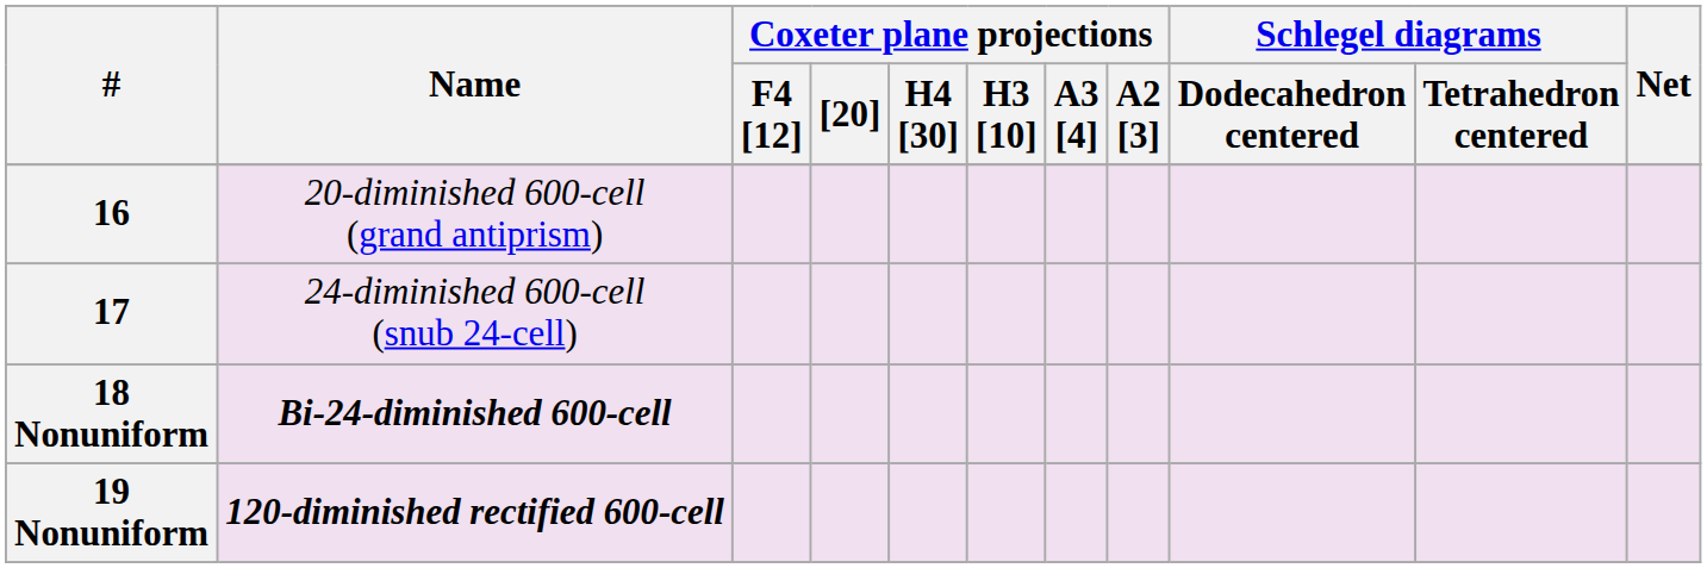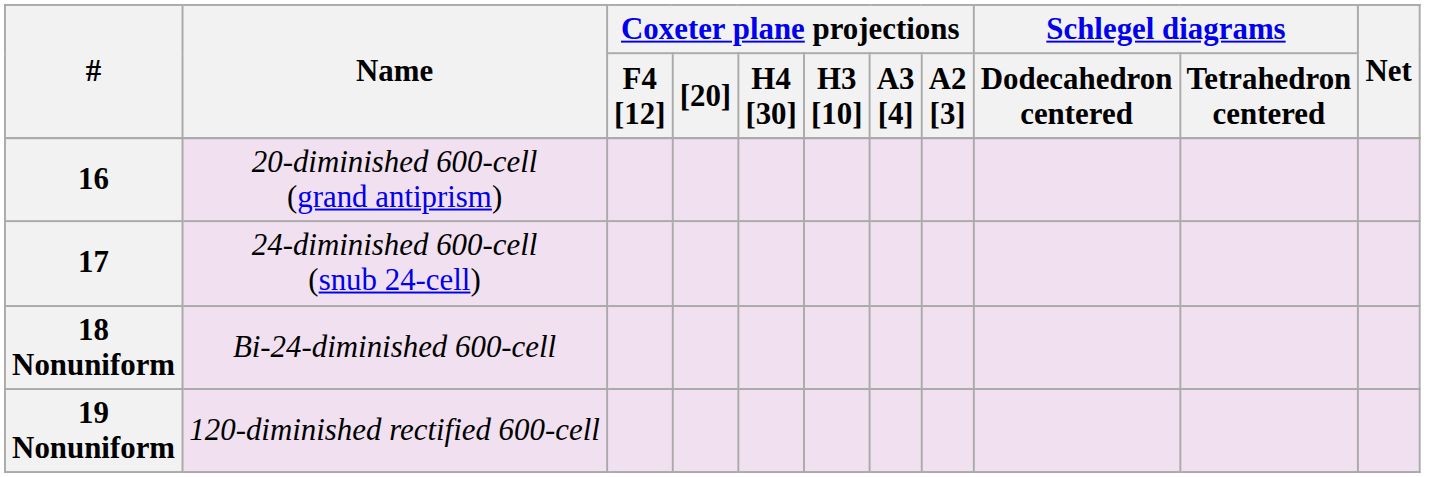 <table class="wikitable">
 <tr>
 <th rowspan=2>#</th>
 <th rowspan=2>Name</th>
 <th colspan=6><a href='#'>Coxeter plane</a> projections</th>
 <th colspan=2><a href='#'>Schlegel diagrams</a></th>
 <th rowspan=2>Net</th>
 </tr>
 <tr>
 <th>F4<br>[12]</th>
 <th>[20]</th>
 <th>H4<br>[30]</th>
 <th>H3<br>[10]</th>
 <th>A3<br>[4]</th>
 <th>A2<br>[3]</th>
 <th>Dodecahedron<br>centered</th>
 <th>Tetrahedron<br>centered</th>
 </tr>
 <tr>
 </tr>
 <tr BGCOLOR="f0e0f0" align=center>
 <th>16</th>
 <td><em>20-diminished 600-cell</em><br>(<a href='#'>grand antiprism</a>)</td>
 <td></td>
 <td></td>
 <td></td>
 <td></td>
 <td></td>
 <td></td>
 <td></td>
 <td></td>
 <td></td>
 </tr>
 <tr BGCOLOR="f0e0f0" align=center>
 <th>17</th>
 <td><em>24-diminished 600-cell</em><br>(<a href='#'>snub 24-cell</a>)</td>
 <td></td>
 <td></td>
 <td></td>
 <td></td>
 <td></td>
 <td></td>
 <td></td>
 <td></td>
 <td></td>
 </tr>
 <tr BGCOLOR="f0e0f0" align=center>
 <th>18<br>Nonuniform</th>
-<td><strong><em>Bi-24-diminished 600-cell</em></strong></td>
+<td><em>Bi-24-diminished 600-cell</em></td>
 <td></td>
 <td></td>
 <td></td>
 <td></td>
 <td></td>
 <td></td>
 <td></td>
 <td></td>
 <td></td>
 </tr>
 <tr BGCOLOR="f0e0f0" align=center>
 <th>19<br>Nonuniform</th>
-<td><strong><em>120-diminished rectified 600-cell</em></strong></td>
+<td><em>120-diminished rectified 600-cell</em></td>
 <td></td>
 <td></td>
 <td></td>
 <td></td>
 <td></td>
 <td></td>
 <td></td>
 <td></td>
 <td></td>
 </tr>
 </table>
